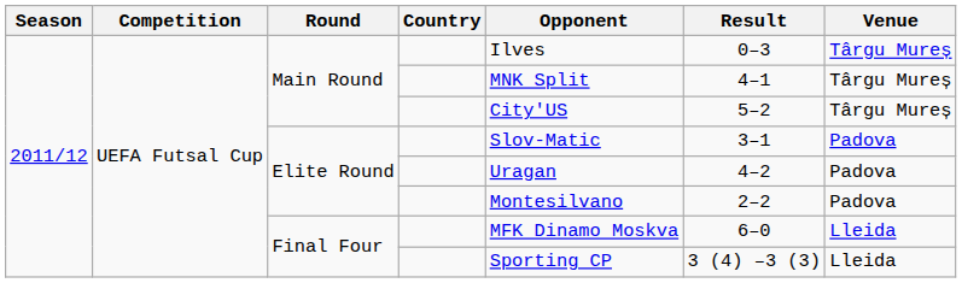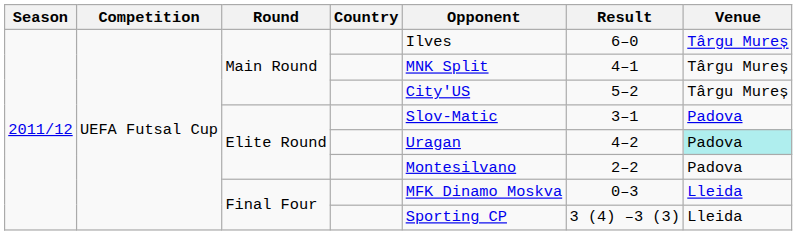 <table class="wikitable">
 <tr>
 <th>Season</th>
 <th>Competition</th>
 <th>Round</th>
 <th>Country</th>
 <th>Opponent</th>
 <th>Result</th>
 <th>Venue</th>
 </tr>
 <tr>
 <td rowspan=8><a href='#'>2011/12</a></td>
 <td rowspan=8 align=center>UEFA Futsal Cup</td>
 <td rowspan=3>Main Round</td>
 <td align=center></td>
 <td>Ilves</td>
-<td align=center>0–3</td>
+<td align=center>6–0</td>
 <td><a href='#'>Târgu Mureș</a></td>
 </tr>
 <tr>
 <td align=center></td>
 <td><a href='#'>MNK Split</a></td>
 <td align=center>4–1</td>
 <td>Târgu Mureș</td>
 </tr>
 <tr>
 <td align=center></td>
 <td><a href='#'>City'US</a></td>
 <td align=center>5–2</td>
 <td>Târgu Mureș</td>
 </tr>
 <tr>
 <td rowspan=3>Elite Round</td>
 <td align=center></td>
 <td><a href='#'>Slov-Matic</a></td>
 <td align=center>3–1</td>
 <td><a href='#'>Padova</a></td>
 </tr>
 <tr>
 <td align=center></td>
 <td><a href='#'>Uragan</a></td>
 <td align=center>4–2</td>
-<td>Padova</td>
+<td style="background: paleturquoise;">Padova</td>
 </tr>
 <tr>
 <td align=center></td>
 <td><a href='#'>Montesilvano</a></td>
 <td align=center>2–2</td>
 <td>Padova</td>
 </tr>
 <tr>
 <td rowspan=2>Final Four</td>
 <td align=center></td>
 <td><a href='#'>MFK Dinamo Moskva</a></td>
-<td align=center>6–0</td>
+<td align=center>0–3</td>
 <td><a href='#'>Lleida</a></td>
 </tr>
 <tr>
 <td align=center></td>
 <td><a href='#'>Sporting CP</a></td>
 <td align=center>3 (4) –3 (3)</td>
 <td>Lleida</td>
 </tr>
 </table>
